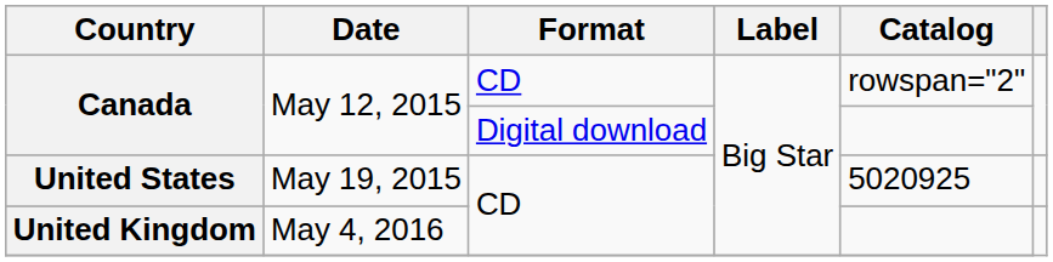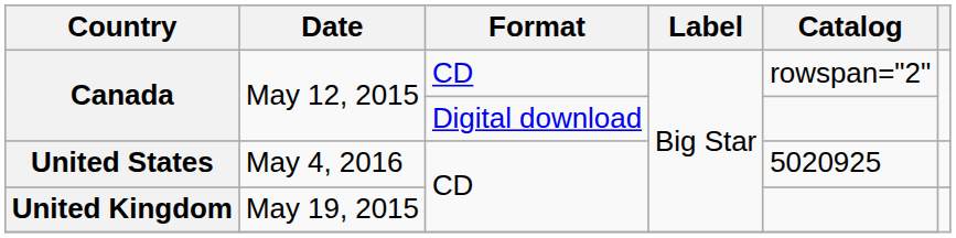 <table class="wikitable plainrowheaders">
 <tr>
 <th>Country</th>
 <th>Date</th>
 <th>Format</th>
 <th>Label</th>
 <th>Catalog </th>
 <th></th>
 </tr>
 <tr>
 <th scope="row" rowspan="2">Canada</th>
 <td rowspan="2">May 12, 2015</td>
 <td><a href='#'>CD</a></td>
 <td rowspan="4">Big Star</td>
 <td>rowspan="2" </td>
 <td rowspan="2"></td>
 </tr>
 <tr>
 <td><a href='#'>Digital download</a></td>
 <td></td>
 </tr>
 <tr>
 <th scope="row">United States</th>
-<td>May 19, 2015</td>
+<td>May 4, 2016</td>
 <td rowspan="2">CD</td>
 <td>5020925</td>
 <td></td>
 </tr>
 <tr>
 <th scope="row">United Kingdom</th>
-<td>May 4, 2016</td>
+<td>May 19, 2015</td>
 <td></td>
 </tr>
 <tr>
 </tr>
 </table>
